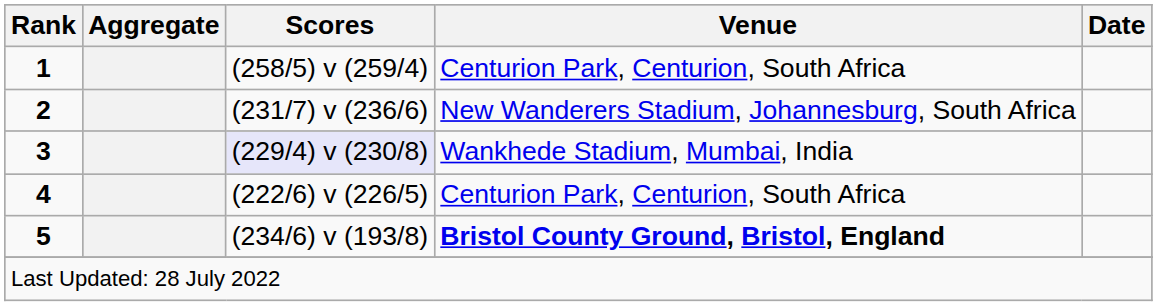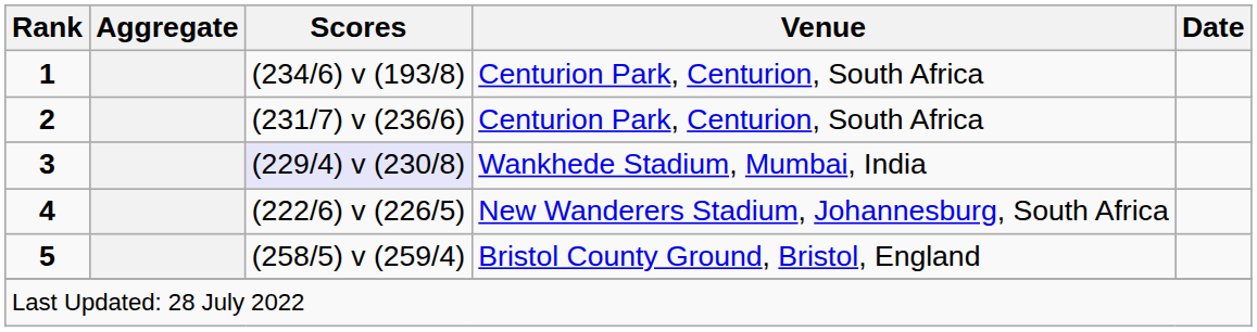 <table class="wikitable plainrowheaders sortable">
 <tr>
 <th scope=col>Rank</th>
 <th scope=col>Aggregate</th>
 <th scope=col>Scores</th>
 <th scope=col>Venue</th>
 <th scope=col>Date</th>
 </tr>
 <tr -bgcolor=#cee0f2>
 <td align=center><strong>1</strong></td>
 <th scope=row style=text-align:center;></th>
-<td> (258/5) v  (259/4)</td>
+<td> (234/6) v  (193/8)</td>
 <td><a href='#'>Centurion Park</a>, <a href='#'>Centurion</a>, South Africa</td>
 <td></td>
 </tr>
 <tr>
 <td align=center><strong>2</strong></td>
 <th scope=row style=text-align:center;></th>
 <td> (231/7) v  (236/6)</td>
-<td><a href='#'>New Wanderers Stadium</a>, <a href='#'>Johannesburg</a>, South Africa</td>
+<td><a href='#'>Centurion Park</a>, <a href='#'>Centurion</a>, South Africa</td>
 <td></td>
 </tr>
 <tr>
 <td align=center><strong>3</strong></td>
 <th scope=row style=text-align:center;></th>
 <td style="background: lavender;"> (229/4) v  (230/8)</td>
 <td><a href='#'>Wankhede Stadium</a>, <a href='#'>Mumbai</a>, India</td>
 <td> </td>
 </tr>
 <tr>
 <td align=center><strong>4</strong></td>
 <th scope=row style=text-align:center;></th>
 <td> (222/6) v  (226/5)</td>
-<td><a href='#'>Centurion Park</a>, <a href='#'>Centurion</a>, South Africa</td>
+<td><a href='#'>New Wanderers Stadium</a>, <a href='#'>Johannesburg</a>, South Africa</td>
 <td></td>
 </tr>
 <tr>
 <td align=center><strong>5</strong></td>
 <th scope=row style=text-align:center;></th>
-<td> (234/6) v  (193/8)</td>
-<td><strong><a href='#'>Bristol County Ground</a>, <a href='#'>Bristol</a>, England</strong></td>
+<td> (258/5) v  (259/4)</td>
+<td><a href='#'>Bristol County Ground</a>, <a href='#'>Bristol</a>, England</td>
 <td></td>
 </tr>
 <tr>
 </tr>
 <tr class=sortbottom>
 <td colspan=5><small>Last Updated: 28 July 2022</small></td>
 </tr>
 </table>
